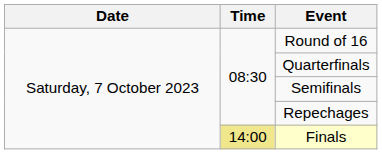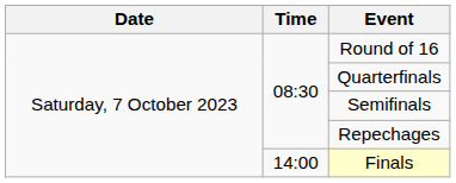 <table class = "wikitable" style="text-align:center;">
 <tr>
 <th width=220>Date</th>
 <th width=50>Time</th>
 <th width=100>Event</th>
 </tr>
 <tr>
 <td rowspan=5>Saturday, 7 October 2023</td>
 <td rowspan=4>08:30</td>
 <td>Round of 16</td>
 </tr>
 <tr>
 <td>Quarterfinals</td>
 </tr>
 <tr>
 <td>Semifinals</td>
 </tr>
 <tr>
 <td>Repechages</td>
 </tr>
 <tr>
-<td style="background: khaki;">14:00</td>
+<td>14:00</td>
 <td bgcolor=ffffcc>Finals</td>
 </tr>
 </table>
